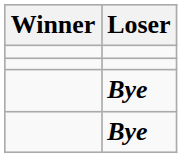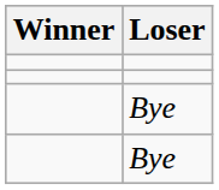 <table class=wikitable>
 <tr>
 <th>Winner</th>
 <th>Loser</th>
 </tr>
 <tr>
 <td></td>
 <td></td>
 </tr>
 <tr>
 <td></td>
 <td></td>
 </tr>
 <tr>
 <td></td>
-<td><strong><em>Bye</em></strong></td>
+<td><em>Bye</em></td>
 </tr>
 <tr>
 <td></td>
-<td><strong><em>Bye</em></strong></td>
+<td><em>Bye</em></td>
 </tr>
 </table>
